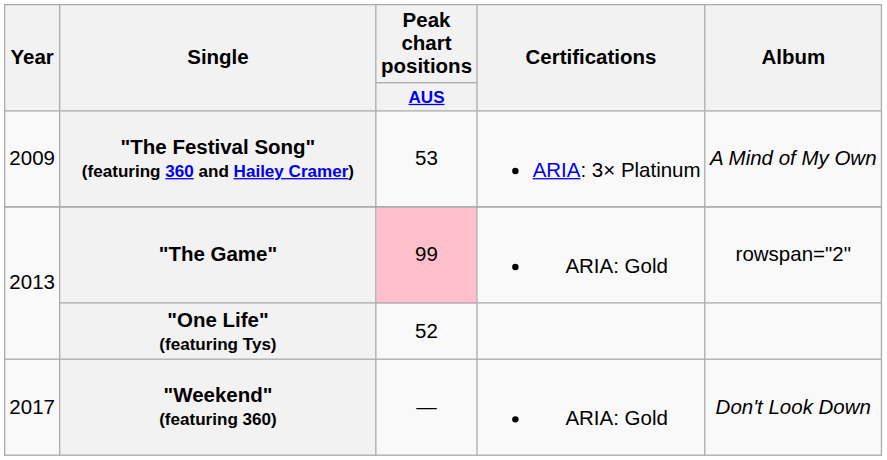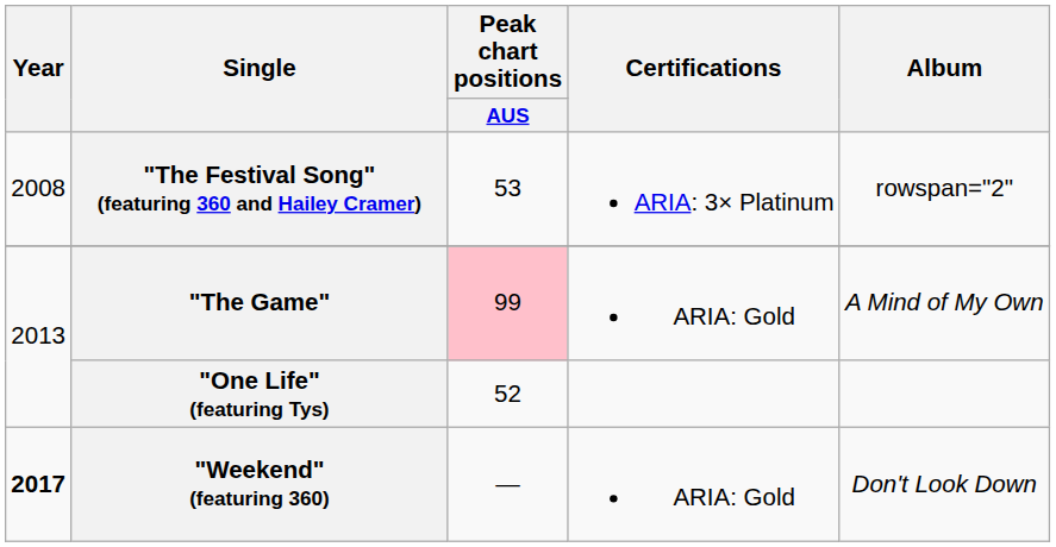 <table class="wikitable plainrowheaders" style="text-align:center;">
 <tr>
 <th rowspan="2">Year</th>
 <th rowspan="2" style="width:15em;">Single</th>
 <th colspan="1">Peak chart<br>positions</th>
 <th scope="col" rowspan="2">Certifications</th>
 <th rowspan="2">Album</th>
 </tr>
 <tr style="font-size:smaller;">
 <th width="45"><a href='#'>AUS</a><br></th>
 </tr>
 <tr>
-<td>2009</td>
+<td>2008</td>
 <th scope="row">"The Festival Song" <br> <small>(featuring <a href='#'>360</a> and <a href='#'>Hailey Cramer</a>)</small></th>
 <td>53</td>
 <td><br><ul><li><a href='#'>ARIA</a>: 3× Platinum</li></ul></td>
-<td rowspan="1"><em>A Mind of My Own</em></td>
+<td>rowspan="2" </td>
 </tr>
 <tr>
 </tr>
 <tr>
 <td rowspan="2">2013</td>
 <th scope="row">"The Game"</th>
 <td style="background: pink;">99</td>
 <td><br><ul><li>ARIA: Gold</li></ul></td>
-<td>rowspan="2" </td>
+<td rowspan="1"><em>A Mind of My Own</em></td>
 </tr>
 <tr>
 <th scope="row">"One Life" <br><small>(featuring Tys)</small></th>
 <td>52</td>
 <td></td>
 </tr>
 <tr>
-<td>2017</td>
+<td><strong>2017</strong></td>
 <th scope="row">"Weekend" <br><small>(featuring 360)</small></th>
 <td>—</td>
 <td><br><ul><li>ARIA: Gold</li></ul></td>
 <td><em>Don't Look Down</em></td>
 </tr>
 </table>
